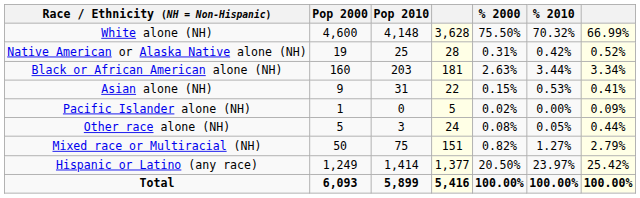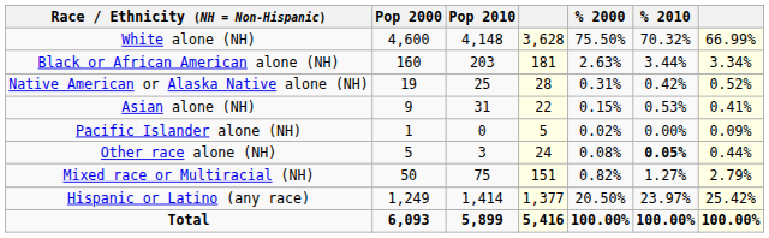 <table class="wikitable" style="text-align:center;">
 <tr>
 <th>Race / Ethnicity <small>(<em>NH = Non-Hispanic</em>)</small></th>
 <th>Pop 2000</th>
 <th>Pop 2010</th>
 <th></th>
 <th>% 2000</th>
 <th>% 2010</th>
 <th></th>
 </tr>
 <tr>
 <td><a href='#'>White</a> alone (NH)</td>
 <td>4,600</td>
 <td>4,148</td>
 <td style='background: #ffffe6;'>3,628</td>
 <td>75.50%</td>
 <td>70.32%</td>
 <td style='background: #ffffe6;'>66.99%</td>
 </tr>
 <tr>
+<td><a href='#'>Black or African American</a> alone (NH)</td>
+<td>160</td>
+<td>203</td>
+<td style='background: #ffffe6;'>181</td>
+<td>2.63%</td>
+<td>3.44%</td>
+<td style='background: #ffffe6;'>3.34%</td>
+</tr>
+<tr>
 <td><a href='#'>Native American</a> or <a href='#'>Alaska Native</a> alone (NH)</td>
 <td>19</td>
 <td>25</td>
 <td style='background: #ffffe6;'>28</td>
 <td>0.31%</td>
 <td>0.42%</td>
 <td style='background: #ffffe6;'>0.52%</td>
-</tr>
-<tr>
-<td><a href='#'>Black or African American</a> alone (NH)</td>
-<td>160</td>
-<td>203</td>
-<td style='background: #ffffe6;'>181</td>
-<td>2.63%</td>
-<td>3.44%</td>
-<td style='background: #ffffe6;'>3.34%</td>
 </tr>
 <tr>
 <td><a href='#'>Asian</a> alone (NH)</td>
 <td>9</td>
 <td>31</td>
 <td style='background: #ffffe6;'>22</td>
 <td>0.15%</td>
 <td>0.53%</td>
 <td style='background: #ffffe6;'>0.41%</td>
 </tr>
 <tr>
 <td><a href='#'>Pacific Islander</a> alone (NH)</td>
 <td>1</td>
 <td>0</td>
 <td style='background: #ffffe6;'>5</td>
 <td>0.02%</td>
 <td>0.00%</td>
 <td style='background: #ffffe6;'>0.09%</td>
 </tr>
 <tr>
 <td><a href='#'>Other race</a> alone (NH)</td>
 <td>5</td>
 <td>3</td>
 <td style='background: #ffffe6;'>24</td>
 <td>0.08%</td>
-<td>0.05%</td>
+<td><strong>0.05%</strong></td>
 <td style='background: #ffffe6;'>0.44%</td>
 </tr>
 <tr>
 <td><a href='#'>Mixed race or Multiracial</a> (NH)</td>
 <td>50</td>
 <td>75</td>
 <td style='background: #ffffe6;'>151</td>
 <td>0.82%</td>
 <td>1.27%</td>
 <td style='background: #ffffe6;'>2.79%</td>
 </tr>
 <tr>
 <td><a href='#'>Hispanic or Latino</a> (any race)</td>
 <td>1,249</td>
 <td>1,414</td>
 <td style='background: #ffffe6;'>1,377</td>
 <td>20.50%</td>
 <td>23.97%</td>
 <td style='background: #ffffe6;'>25.42%</td>
 </tr>
 <tr>
 <td><strong>Total</strong></td>
 <td><strong>6,093</strong></td>
 <td><strong>5,899</strong></td>
 <td style='background: #ffffe6;'><strong>5,416</strong></td>
 <td><strong>100.00%</strong></td>
 <td><strong>100.00%</strong></td>
 <td style='background: #ffffe6;'><strong>100.00%</strong></td>
 </tr>
 </table>
